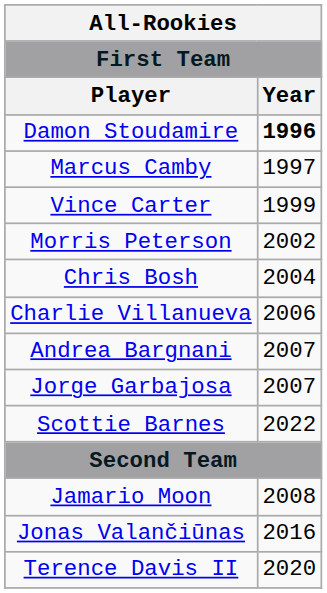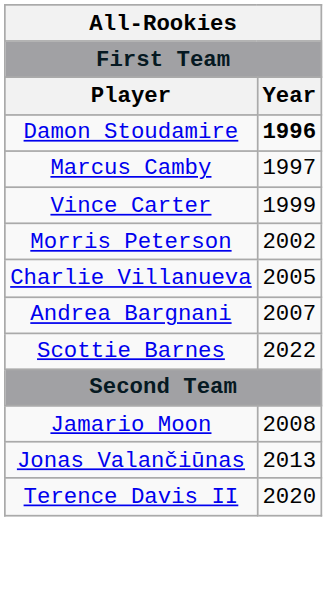 <table class="wikitable sortable" style="text-align:center">
 <tr>
 <th colspan="2">All-Rookies</th>
 </tr>
 <tr>
 <th colspan="2" style="text-align:center; background:#A1A1A4; color:#061922;">First Team</th>
 </tr>
 <tr>
 <th>Player</th>
 <th>Year</th>
 </tr>
 <tr>
 <td><a href='#'>Damon Stoudamire</a></td>
 <td><strong>1996</strong></td>
 </tr>
 <tr>
 <td><a href='#'>Marcus Camby</a></td>
 <td>1997</td>
 </tr>
 <tr>
 <td><a href='#'>Vince Carter</a></td>
 <td>1999</td>
 </tr>
 <tr>
 <td><a href='#'>Morris Peterson</a></td>
 <td>2002</td>
 </tr>
 <tr>
-<td><a href='#'>Chris Bosh</a></td>
-<td>2004</td>
-</tr>
-<tr>
 <td><a href='#'>Charlie Villanueva</a></td>
-<td>2006</td>
+<td>2005</td>
 </tr>
 <tr>
 <td><a href='#'>Andrea Bargnani</a></td>
-<td>2007</td>
-</tr>
-<tr>
-<td><a href='#'>Jorge Garbajosa</a></td>
 <td>2007</td>
 </tr>
 <tr>
 <td><a href='#'>Scottie Barnes</a></td>
 <td>2022</td>
 </tr>
 <tr>
 <th colspan="2" style="text-align:center; background:#A1A1A4; color:#061922;">Second Team</th>
 </tr>
 <tr>
 <td><a href='#'>Jamario Moon</a></td>
 <td>2008</td>
 </tr>
 <tr>
 <td><a href='#'>Jonas Valančiūnas</a></td>
-<td>2016</td>
+<td>2013</td>
 </tr>
 <tr>
 <td><a href='#'>Terence Davis II</a></td>
 <td>2020</td>
 </tr>
 </table>
